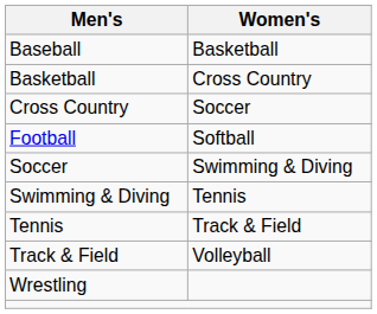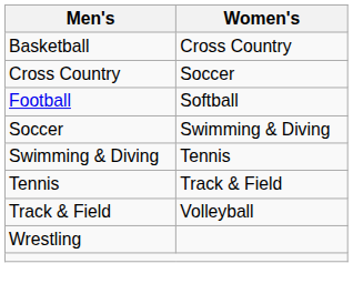 <table class="wikitable">
 <tr>
 <th width=150px>Men's</th>
 <th width=150px>Women's</th>
-</tr>
-<tr>
-<td>Baseball</td>
-<td>Basketball</td>
 </tr>
 <tr>
 <td>Basketball</td>
 <td>Cross Country</td>
 </tr>
 <tr>
 <td>Cross Country</td>
 <td>Soccer</td>
 </tr>
 <tr>
 <td><a href='#'>Football</a></td>
 <td>Softball</td>
 </tr>
 <tr>
 <td>Soccer</td>
 <td>Swimming & Diving</td>
 </tr>
 <tr>
 <td>Swimming & Diving</td>
 <td>Tennis</td>
 </tr>
 <tr>
 <td>Tennis</td>
 <td>Track & Field</td>
 </tr>
 <tr>
 <td>Track & Field</td>
 <td>Volleyball</td>
 </tr>
 <tr>
 <td>Wrestling</td>
 <td></td>
 </tr>
 <tr>
 <td colspan="2"></td>
 </tr>
 </table>
